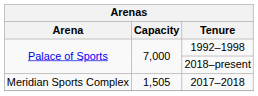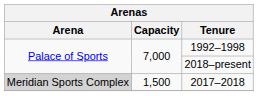 <table class="wikitable" style="text-align:center">
 <tr>
 <th colspan="3" style="text-align:center; ">Arenas</th>
 </tr>
 <tr>
 <th style="text-align:center; ">Arena</th>
 <th style="text-align:center; ">Capacity</th>
 <th style="text-align:center; ">Tenure</th>
 </tr>
 <tr>
 <td rowspan=2><a href='#'>Palace of Sports</a></td>
 <td rowspan=2>7,000</td>
 <td>1992–1998</td>
 </tr>
 <tr>
 <td>2018–present</td>
 </tr>
 <tr>
-<td>Meridian Sports Complex</td>
-<td>1,505</td>
+<td style="background: lightgrey;">Meridian Sports Complex</td>
+<td>1,500</td>
 <td>2017–2018</td>
 </tr>
 <tr>
 </tr>
 </table>
